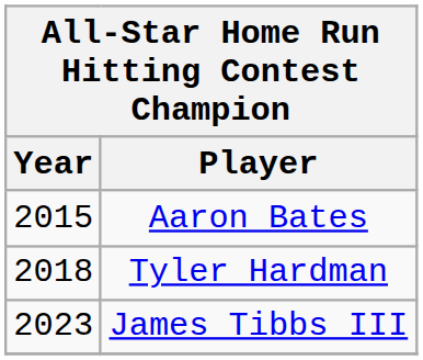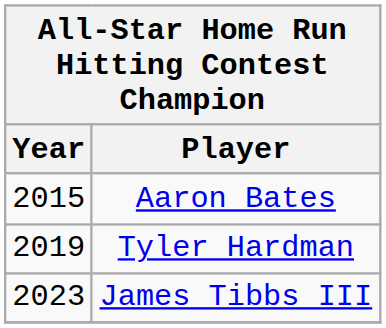 <table class="wikitable" style="display: inline-table; margin-right: 20px; text-align:center">
 <tr>
 <th scope="col" colspan="2" style="width: 145px;">All-Star Home Run Hitting Contest Champion</th>
 </tr>
 <tr>
 <th scope="col">Year</th>
 <th scope="col">Player</th>
 </tr>
 <tr>
 <td>2015</td>
 <td><a href='#'>Aaron Bates</a></td>
 </tr>
 <tr>
-<td>2018</td>
+<td>2019</td>
 <td><a href='#'>Tyler Hardman</a></td>
 </tr>
 <tr>
 <td>2023</td>
 <td><a href='#'>James Tibbs III</a></td>
 </tr>
 <tr>
 </tr>
 </table>
